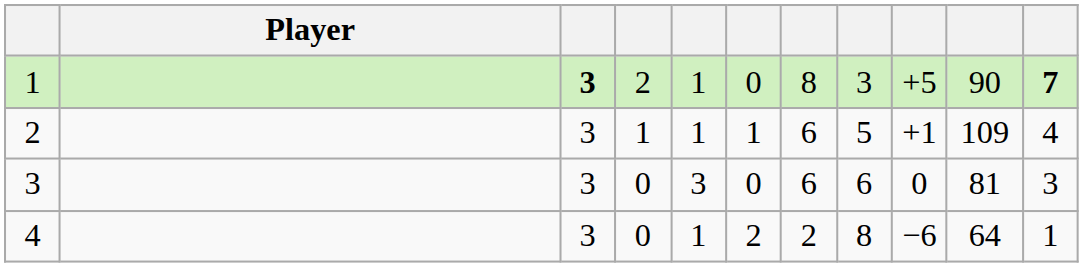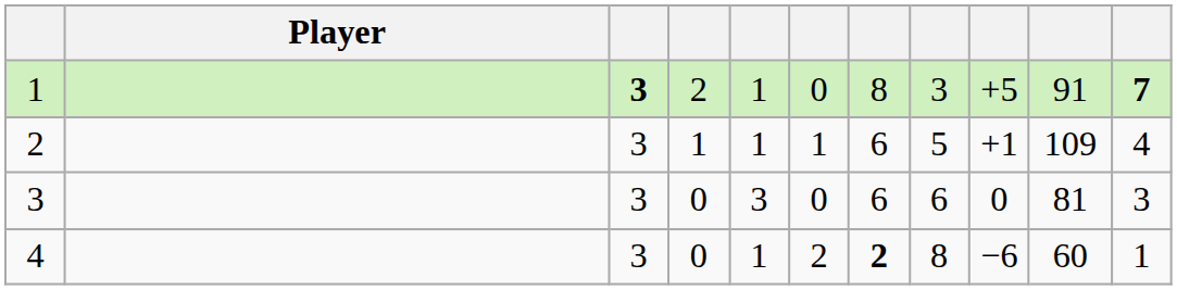 <table class="wikitable" style="text-align:center; margin: 1em auto 1em auto, align:left">
 <tr>
 <th width=20></th>
 <th width=240>Player</th>
 <th width=20></th>
 <th width=20></th>
 <th width=20></th>
 <th width=20></th>
 <th width=20></th>
 <th width=20></th>
 <th width=20></th>
 <th width=30></th>
 <th width=20></th>
 </tr>
 <tr style="background:#D0F0C0;">
 <td>1</td>
 <td align=left></td>
 <td><strong>3</strong></td>
 <td>2</td>
 <td>1</td>
 <td>0</td>
 <td>8</td>
 <td>3</td>
 <td>+5</td>
-<td>90</td>
+<td>91</td>
 <td><strong>7</strong></td>
 </tr>
 <tr style=>
 <td>2</td>
 <td align=left></td>
 <td>3</td>
 <td>1</td>
 <td>1</td>
 <td>1</td>
 <td>6</td>
 <td>5</td>
 <td>+1</td>
 <td>109</td>
 <td>4</td>
 </tr>
 <tr style=>
 <td>3</td>
 <td align=left></td>
 <td>3</td>
 <td>0</td>
 <td>3</td>
 <td>0</td>
 <td>6</td>
 <td>6</td>
 <td>0</td>
 <td>81</td>
 <td>3</td>
 </tr>
 <tr style=>
 <td>4</td>
 <td align=left></td>
 <td>3</td>
 <td>0</td>
 <td>1</td>
 <td>2</td>
-<td>2</td>
+<td><strong>2</strong></td>
 <td>8</td>
 <td>−6</td>
-<td>64</td>
+<td>60</td>
 <td>1</td>
 </tr>
 </table>
